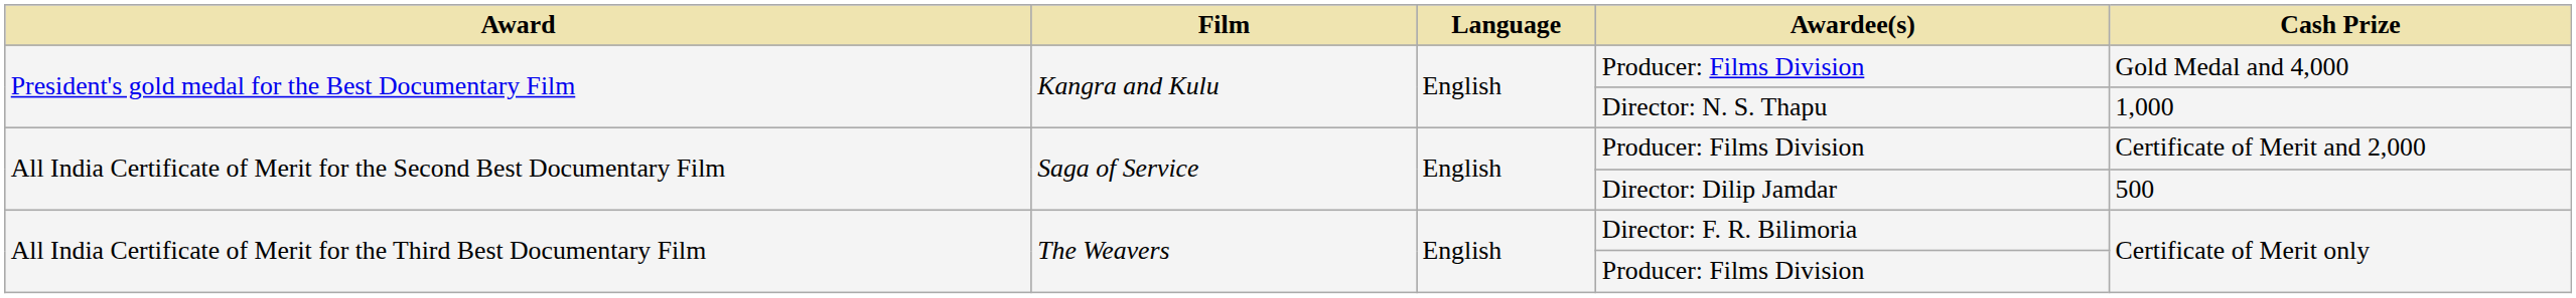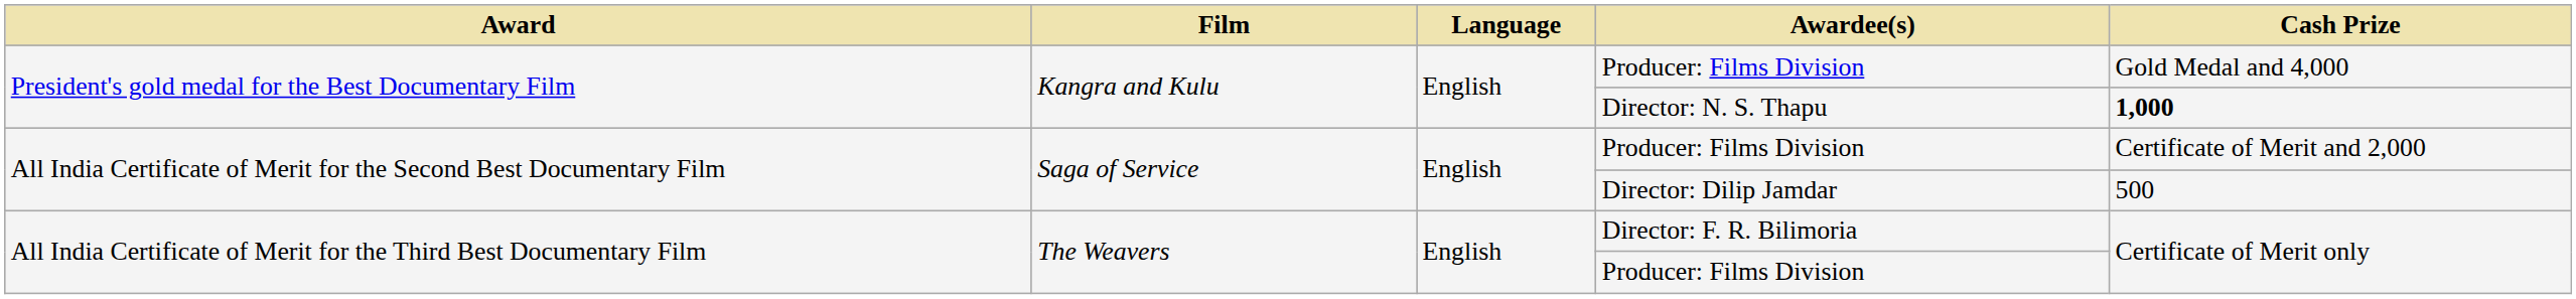 <table class="wikitable sortable" style="width:100%">
 <tr>
 <th style="background-color:#EFE4B0;width:40%;">Award</th>
 <th style="background-color:#EFE4B0;width:15%;">Film</th>
 <th style="background-color:#EFE4B0;width:7%;">Language</th>
 <th style="background-color:#EFE4B0;width:20%;">Awardee(s)</th>
 <th style="background-color:#EFE4B0;width:18%;">Cash Prize</th>
 </tr>
 <tr style="background-color:#F4F4F4">
 <td rowspan="2"><a href='#'>President's gold medal for the Best Documentary Film</a></td>
 <td rowspan="2"><em>Kangra and Kulu</em></td>
 <td rowspan="2">English</td>
 <td>Producer: <a href='#'>Films Division</a></td>
 <td>Gold Medal and 4,000</td>
 </tr>
 <tr style="background-color:#F4F4F4">
 <td>Director: N. S. Thapu</td>
-<td>1,000</td>
+<td><strong>1,000</strong></td>
 </tr>
 <tr style="background-color:#F4F4F4">
 <td rowspan="2">All India Certificate of Merit for the Second Best Documentary Film</td>
 <td rowspan="2"><em>Saga of Service</em></td>
 <td rowspan="2">English</td>
 <td>Producer: Films Division</td>
 <td>Certificate of Merit and 2,000</td>
 </tr>
 <tr style="background-color:#F4F4F4">
 <td>Director: Dilip Jamdar</td>
 <td>500</td>
 </tr>
 <tr style="background-color:#F4F4F4">
 <td rowspan="2">All India Certificate of Merit for the Third Best Documentary Film</td>
 <td rowspan="2"><em>The Weavers</em></td>
 <td rowspan="2">English</td>
 <td>Director: F. R. Bilimoria</td>
 <td rowspan="2">Certificate of Merit only</td>
 </tr>
 <tr style="background-color:#F4F4F4">
 <td>Producer: Films Division</td>
 </tr>
 </table>
